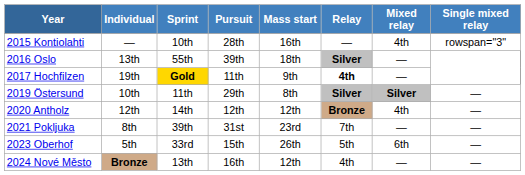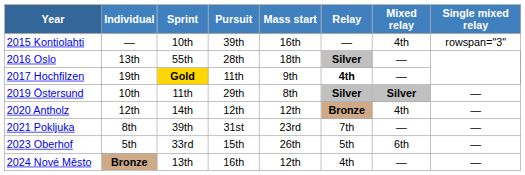 <table class="wikitable" style="font-size:95%; text-align:center; border:grey solid 1px; border-collapse:collapse; background:#ffffff;">
 <tr>
 <th style="background-color:#369; color:white;    width:130px;">Year</th>
 <th style="background-color:#4180be; color:white; width:65px;">Individual</th>
 <th style="background-color:#4180be; color:white; width:65px;">Sprint</th>
 <th style="background-color:#4180be; color:white; width:65px;">Pursuit</th>
 <th style="background-color:#4180be; color:white; width:80px;">Mass start</th>
 <th style="background-color:#4180be; color:white; width:65px;">Relay</th>
 <th style="background-color:#4180be; color:white; width:75px;">Mixed relay</th>
 <th style="background-color:#4180be; color:white; width:120px;">Single mixed relay</th>
 </tr>
 <tr>
 </tr>
 <tr>
 <td align=left> <a href='#'>2015 Kontiolahti</a></td>
 <td>—</td>
 <td>10th</td>
-<td>28th</td>
+<td>39th</td>
 <td>16th</td>
 <td>—</td>
 <td>4th</td>
 <td>rowspan="3" </td>
 </tr>
 <tr>
 <td align=left> <a href='#'>2016 Oslo</a></td>
 <td>13th</td>
 <td>55th</td>
-<td>39th</td>
+<td>28th</td>
 <td>18th</td>
 <td style="background:silver;"><strong>Silver</strong></td>
 <td>—</td>
 </tr>
 <tr>
 <td align=left> <a href='#'>2017 Hochfilzen</a></td>
 <td>19th</td>
 <td align=center bgcolor=gold><strong>Gold</strong></td>
 <td>11th</td>
 <td>9th</td>
 <td><strong>4th</strong></td>
 <td>—</td>
 </tr>
 <tr>
 <td align=left> <a href='#'>2019 Östersund</a></td>
 <td>10th</td>
 <td>11th</td>
 <td>29th</td>
 <td>8th</td>
 <td style="background:silver;"><strong>Silver</strong></td>
 <td style="background:silver;"><strong>Silver</strong></td>
 <td>—</td>
 </tr>
 <tr>
 <td align=left> <a href='#'>2020 Antholz</a></td>
 <td>12th</td>
 <td>14th</td>
 <td>12th</td>
 <td>12th</td>
 <td style="background:#cfaa88;"><strong>Bronze</strong></td>
 <td>4th</td>
 <td>—</td>
 </tr>
 <tr>
 <td align=left> <a href='#'>2021 Pokljuka</a></td>
 <td>8th</td>
 <td>39th</td>
 <td>31st</td>
 <td>23rd</td>
 <td>7th</td>
 <td>—</td>
 <td>—</td>
 </tr>
 <tr>
 <td align=left> <a href='#'>2023 Oberhof</a></td>
 <td>5th</td>
 <td>33rd</td>
 <td>15th</td>
 <td>26th</td>
 <td>5th</td>
 <td>6th</td>
 <td>—</td>
 </tr>
 <tr>
 <td align=left> <a href='#'>2024 Nové Město</a></td>
 <td style="background:#cfaa88;"><strong>Bronze</strong></td>
 <td>13th</td>
 <td>16th</td>
 <td>12th</td>
 <td>4th</td>
 <td>—</td>
 <td>—</td>
 </tr>
 </table>
